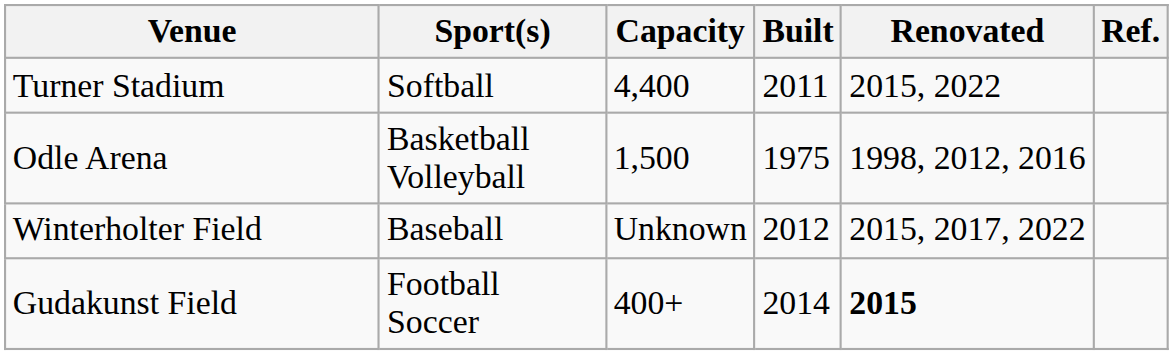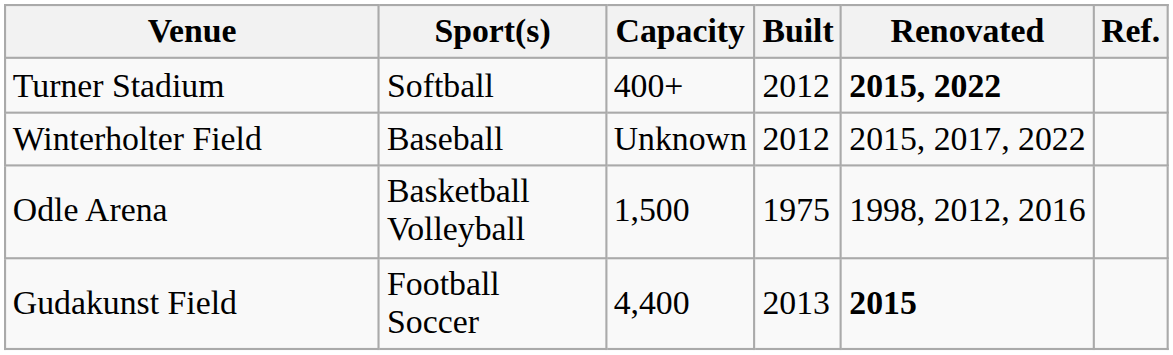 <table class="wikitable sortable"; style= "text-align: ">
 <tr>
 <th width=170px>Venue</th>
 <th width=100px>Sport(s)</th>
 <th width=px>Capacity</th>
 <th width=px>Built</th>
 <th width=px>Renovated</th>
 <th width=px>Ref.</th>
 </tr>
 <tr>
 <td>Turner Stadium</td>
 <td>Softball</td>
-<td>4,400</td>
-<td>2011</td>
-<td>2015, 2022</td>
+<td>400+</td>
+<td>2012</td>
+<td><strong>2015, 2022</strong></td>
+<td></td>
+</tr>
+<tr>
+<td>Winterholter Field</td>
+<td>Baseball</td>
+<td>Unknown</td>
+<td>2012</td>
+<td>2015, 2017, 2022</td>
 <td></td>
 </tr>
 <tr>
 <td>Odle Arena</td>
 <td>Basketball <br> Volleyball</td>
 <td>1,500</td>
 <td>1975</td>
 <td>1998, 2012, 2016</td>
 <td></td>
 </tr>
 <tr>
-<td>Winterholter Field</td>
-<td>Baseball</td>
-<td>Unknown</td>
-<td>2012</td>
-<td>2015, 2017, 2022</td>
-<td></td>
-</tr>
-<tr>
 <td>Gudakunst Field</td>
 <td>Football <br> Soccer</td>
-<td>400+</td>
-<td>2014</td>
+<td>4,400</td>
+<td>2013</td>
 <td><strong>2015</strong></td>
 <td></td>
 </tr>
 </table>
